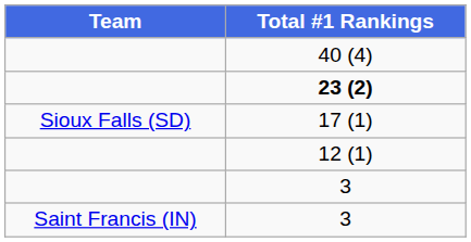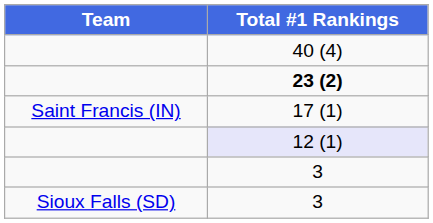 <table class="wikitable" style="width:40%;">
 <tr>
 <th style="background:#4169E1; color:white;">Team</th>
 <th style="background:#4169E1; color:white;">Total #1 Rankings</th>
 </tr>
 <tr style="text-align:center;">
 <td></td>
 <td>40 (4)</td>
 </tr>
 <tr style="text-align:center;">
 <td></td>
 <td><strong>23 (2)</strong></td>
 </tr>
 <tr style="text-align:center;">
-<td><a href='#'>Sioux Falls (SD)</a></td>
+<td><a href='#'>Saint Francis (IN)</a></td>
 <td>17 (1)</td>
 </tr>
 <tr style="text-align:center;">
 <td></td>
-<td>12 (1)</td>
+<td style="background: lavender;">12 (1)</td>
 </tr>
 <tr style="text-align:center;">
 <td></td>
 <td>3</td>
 </tr>
 <tr style="text-align:center;">
-<td><a href='#'>Saint Francis (IN)</a></td>
+<td><a href='#'>Sioux Falls (SD)</a></td>
 <td>3</td>
 </tr>
 </table>
